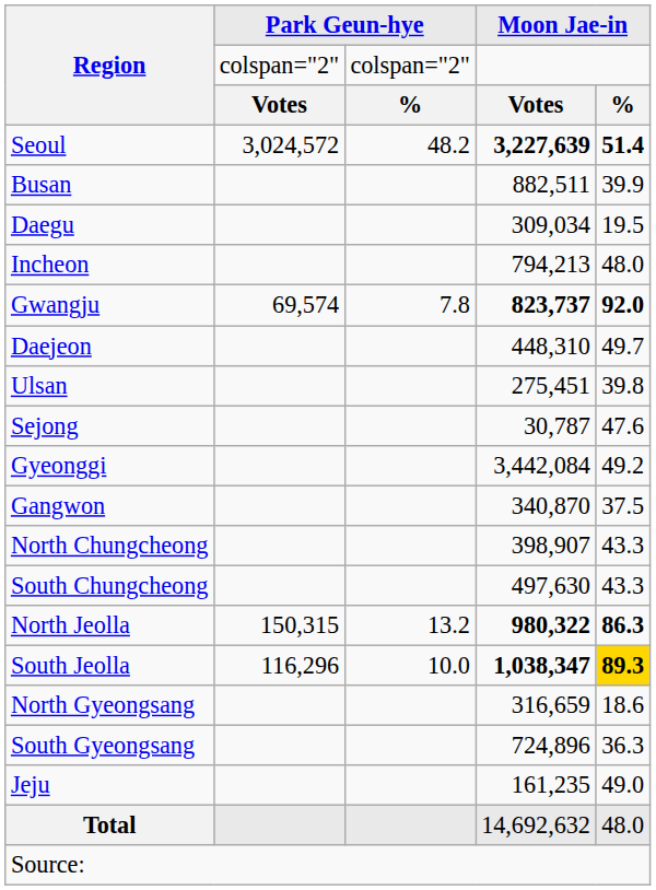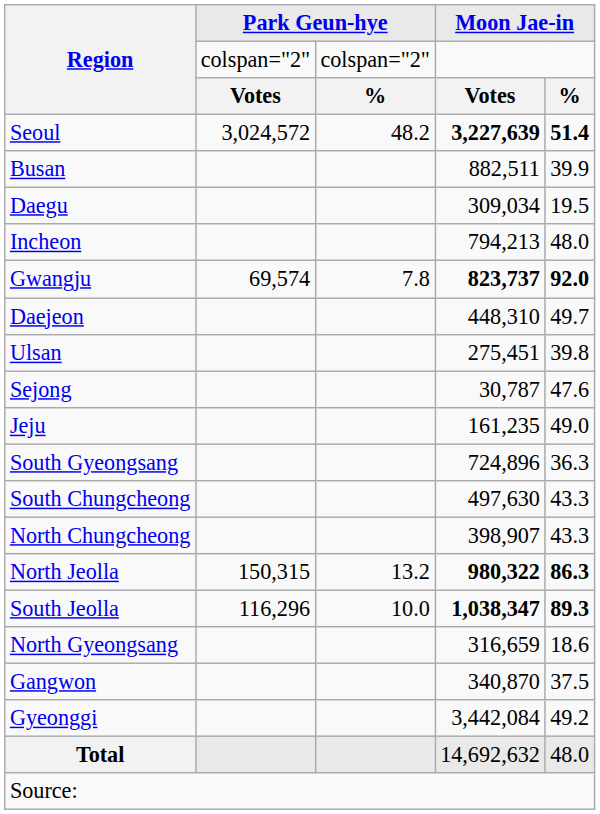 <table class="wikitable" style="text-align:right; font-size:95%">
 <tr>
 <th rowspan="3"><a href='#'>Region</a></th>
 <th colspan="2" align="center" style="background: #E9E9E9"><a href='#'>Park Geun-hye</a></th>
 <th colspan="2" align="center" style="background: #E9E9E9"><a href='#'>Moon Jae-in</a></th>
 </tr>
 <tr>
 <td>colspan="2" </td>
 <td>colspan="2" </td>
 </tr>
 <tr>
 <th width="65px">Votes</th>
 <th width="25px">%</th>
 <th width="65px">Votes</th>
 <th width="25px">%</th>
 </tr>
 <tr>
 <td align="left"><a href='#'>Seoul</a></td>
 <td>3,024,572</td>
 <td>48.2</td>
 <td><strong>3,227,639</strong></td>
 <td><strong>51.4</strong></td>
 </tr>
 <tr>
 <td align="left"><a href='#'>Busan</a></td>
 <td></td>
 <td></td>
 <td>882,511</td>
 <td>39.9</td>
 </tr>
 <tr>
 <td align="left"><a href='#'>Daegu</a></td>
 <td></td>
 <td></td>
 <td>309,034</td>
 <td>19.5</td>
 </tr>
 <tr>
 <td align="left"><a href='#'>Incheon</a></td>
 <td></td>
 <td></td>
 <td>794,213</td>
 <td>48.0</td>
 </tr>
 <tr>
 <td align="left"><a href='#'>Gwangju</a></td>
 <td>69,574</td>
 <td>7.8</td>
 <td><strong>823,737</strong></td>
 <td><strong>92.0</strong></td>
 </tr>
 <tr>
 <td align="left"><a href='#'>Daejeon</a></td>
 <td></td>
 <td></td>
 <td>448,310</td>
 <td>49.7</td>
 </tr>
 <tr>
 <td align="left"><a href='#'>Ulsan</a></td>
 <td></td>
 <td></td>
 <td>275,451</td>
 <td>39.8</td>
 </tr>
 <tr>
 <td align="left"><a href='#'>Sejong</a></td>
 <td></td>
 <td></td>
 <td>30,787</td>
 <td>47.6</td>
 </tr>
 <tr>
-<td align="left"><a href='#'>Gyeonggi</a></td>
+<td align="left"><a href='#'>Jeju</a></td>
 <td></td>
 <td></td>
-<td>3,442,084</td>
-<td>49.2</td>
+<td>161,235</td>
+<td>49.0</td>
 </tr>
 <tr>
-<td align="left"><a href='#'>Gangwon</a></td>
+<td align="left"><a href='#'>South Gyeongsang</a></td>
 <td></td>
 <td></td>
-<td>340,870</td>
-<td>37.5</td>
+<td>724,896</td>
+<td>36.3</td>
+</tr>
+<tr>
+<td align="left"><a href='#'>South Chungcheong</a></td>
+<td></td>
+<td></td>
+<td>497,630</td>
+<td>43.3</td>
 </tr>
 <tr>
 <td align="left"><a href='#'>North Chungcheong</a></td>
 <td></td>
 <td></td>
 <td>398,907</td>
-<td>43.3</td>
-</tr>
-<tr>
-<td align="left"><a href='#'>South Chungcheong</a></td>
-<td></td>
-<td></td>
-<td>497,630</td>
 <td>43.3</td>
 </tr>
 <tr>
 <td align="left"><a href='#'>North Jeolla</a></td>
 <td>150,315</td>
 <td>13.2</td>
 <td><strong>980,322</strong></td>
 <td><strong>86.3</strong></td>
 </tr>
 <tr>
 <td align="left"><a href='#'>South Jeolla</a></td>
 <td>116,296</td>
 <td>10.0</td>
 <td><strong>1,038,347</strong></td>
-<td style="background: gold;"><strong>89.3</strong></td>
+<td><strong>89.3</strong></td>
 </tr>
 <tr>
 <td align="left"><a href='#'>North Gyeongsang</a></td>
 <td></td>
 <td></td>
 <td>316,659</td>
 <td>18.6</td>
 </tr>
 <tr>
-<td align="left"><a href='#'>South Gyeongsang</a></td>
+<td align="left"><a href='#'>Gangwon</a></td>
 <td></td>
 <td></td>
-<td>724,896</td>
-<td>36.3</td>
+<td>340,870</td>
+<td>37.5</td>
 </tr>
 <tr>
-<td align="left"><a href='#'>Jeju</a></td>
+<td align="left"><a href='#'>Gyeonggi</a></td>
 <td></td>
 <td></td>
-<td>161,235</td>
-<td>49.0</td>
+<td>3,442,084</td>
+<td>49.2</td>
 </tr>
 <tr style="background:#E9E9E9">
 <th align="left"><strong>Total</strong></th>
 <td></td>
 <td></td>
 <td>14,692,632</td>
 <td>48.0</td>
 </tr>
 <tr>
 <td colspan="5" align="left">Source: </td>
 </tr>
 </table>
